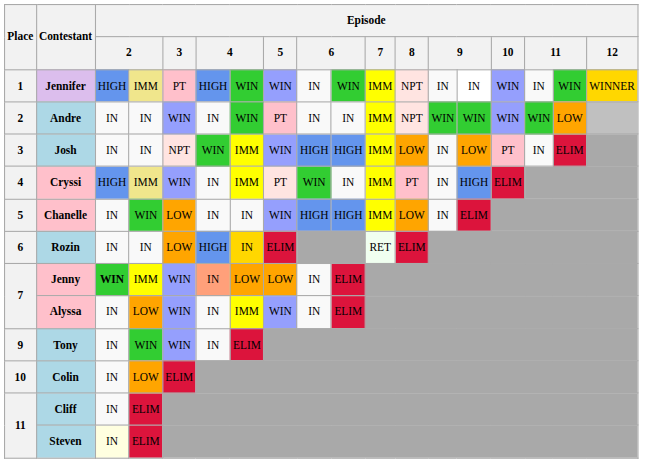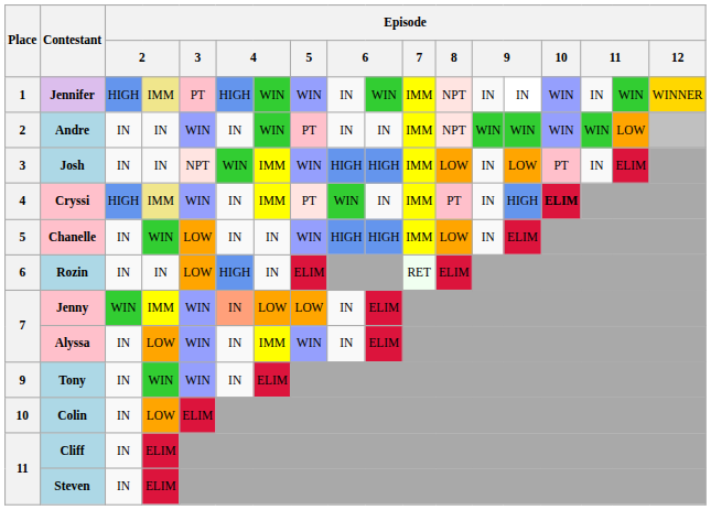 <table class="wikitable" style="text-align: center; font-size: 8pt; line-height:25px;">
 <tr>
 <th rowspan="2">Place</th>
 <th rowspan="2">Contestant</th>
 <th colspan="16">Episode</th>
 </tr>
 <tr>
 <th colspan="2">2</th>
 <th>3</th>
 <th colspan="2">4</th>
 <th>5</th>
 <th colspan="2">6</th>
 <th>7</th>
 <th>8</th>
 <th colspan="2">9</th>
 <th>10</th>
 <th colspan="2">11</th>
 <th>12</th>
 </tr>
 <tr>
 <th>1</th>
 <th style="background:#dcbeed">Jennifer</th>
 <td style="background:cornflowerblue;">HIGH</td>
 <td style="background:khaki;">IMM</td>
 <td style="background:pink;">PT</td>
 <td style="background:cornflowerblue;">HIGH</td>
 <td style="background:limegreen;">WIN</td>
 <td style="background:#959FFD;">WIN</td>
 <td>IN</td>
 <td style="background:limegreen;">WIN</td>
 <td style="background:yellow;">IMM</td>
 <td style="background:mistyrose;">NPT</td>
 <td>IN</td>
 <td style="background:white;">IN</td>
 <td style="background:#959FFD;">WIN</td>
 <td>IN</td>
 <td style="background:limegreen;">WIN</td>
 <td style=background:gold>WINNER</td>
 </tr>
 <tr>
 <th>2</th>
 <th style="background:lightblue;">Andre</th>
 <td>IN</td>
 <td>IN</td>
 <td style="background:#959FFD;">WIN</td>
 <td>IN</td>
 <td style="background:limegreen;">WIN</td>
 <td style="background:pink;">PT</td>
 <td>IN</td>
 <td>IN</td>
 <td style="background:yellow;">IMM</td>
 <td style="background:mistyrose;">NPT</td>
 <td style="background:limegreen;">WIN</td>
 <td style="background:limegreen;">WIN</td>
 <td style="background:#959FFD;">WIN</td>
 <td style="background:limegreen;">WIN</td>
 <td style="background:orange;">LOW</td>
 <td style="background:silver;"></td>
 </tr>
 <tr>
 <th>3</th>
 <th style="background:lightblue;">Josh</th>
 <td>IN</td>
 <td>IN</td>
 <td style="background:mistyrose;">NPT</td>
 <td style="background:limegreen;">WIN</td>
 <td style="background:yellow;">IMM</td>
 <td style="background:#959FFD;">WIN</td>
 <td style="background:cornflowerblue;">HIGH</td>
 <td style="background:cornflowerblue;">HIGH</td>
 <td style="background:yellow;">IMM</td>
 <td style="background:orange;">LOW</td>
 <td>IN</td>
 <td style="background:orange;">LOW</td>
 <td style="background:pink;">PT</td>
 <td>IN</td>
 <td style="background:crimson;">ELIM</td>
 <td style="background:darkgrey;"></td>
 </tr>
 <tr>
 <th>4</th>
 <th style="background:pink;">Cryssi</th>
 <td style="background:cornflowerblue;">HIGH</td>
 <td style="background:khaki;">IMM</td>
 <td style="background:#959FFD;">WIN</td>
 <td>IN</td>
 <td style="background: yellow;">IMM</td>
 <td style="background:mistyrose;">PT</td>
 <td style="background:limegreen;">WIN</td>
 <td>IN</td>
 <td style="background:yellow;">IMM</td>
 <td style="background:pink;">PT</td>
 <td>IN</td>
 <td style="background:cornflowerblue;">HIGH</td>
-<td style="background:crimson;">ELIM</td>
+<td style="background:crimson;"><strong>ELIM</strong></td>
 <td colspan="3" style="background:darkgrey;"></td>
 </tr>
 <tr>
 <th>5</th>
 <th style="background:pink;">Chanelle</th>
 <td>IN</td>
 <td style="background:limegreen;">WIN</td>
 <td style="background:orange;">LOW</td>
 <td>IN</td>
 <td>IN</td>
 <td style="background:#959FFD;">WIN</td>
 <td style="background:cornflowerblue;">HIGH</td>
 <td style="background:cornflowerblue;">HIGH</td>
 <td style="background:yellow;">IMM</td>
 <td style="background:orange;">LOW</td>
 <td>IN</td>
 <td style="background:crimson;">ELIM</td>
 <td colspan="4" style="background:darkgrey;"></td>
 </tr>
 <tr>
 <th>6</th>
 <th style="background:lightblue;">Rozin</th>
 <td>IN</td>
 <td>IN</td>
 <td style="background:orange;">LOW</td>
 <td style="background:cornflowerblue;">HIGH</td>
-<td style="background: gold;">IN</td>
+<td>IN</td>
 <td style="background:crimson;">ELIM</td>
 <td style="background:darkgrey;" colspan="2"></td>
 <td style="background:honeydew;">RET</td>
 <td style="background:crimson;">ELIM</td>
 <td colspan="6" style="background:darkgrey;"></td>
 </tr>
 <tr>
 <th rowspan="2">7</th>
 <th style="background:pink;">Jenny</th>
-<td style="background:limegreen;"><strong>WIN</strong></td>
+<td style="background:limegreen;">WIN</td>
 <td style="background:yellow;">IMM</td>
 <td style="background:#959FFD;">WIN</td>
 <td style="background: lightsalmon;">IN</td>
 <td style="background:orange;">LOW</td>
 <td style="background:orange;">LOW</td>
 <td>IN</td>
 <td style="background:crimson;">ELIM</td>
 <td colspan="8" style="background:darkgrey;"></td>
 </tr>
 <tr>
 <th style="background:pink;">Alyssa</th>
 <td>IN</td>
 <td style="background:orange;">LOW</td>
 <td style="background:#959FFD;">WIN</td>
 <td>IN</td>
 <td style="background:yellow;">IMM</td>
 <td style="background:#959FFD;">WIN</td>
 <td>IN</td>
 <td style="background:crimson;">ELIM</td>
 <td colspan="8" style="background:darkgrey;"></td>
 </tr>
 <tr>
 <th>9</th>
 <th style="background:lightblue;">Tony</th>
 <td>IN</td>
 <td style="background:limegreen;">WIN</td>
 <td style="background:#959FFD;">WIN</td>
 <td>IN</td>
 <td style="background:crimson;">ELIM</td>
 <td colspan="11" style="background:darkgrey;"></td>
 </tr>
 <tr>
 <th>10</th>
 <th style="background:lightblue;">Colin</th>
 <td>IN</td>
 <td style="background:orange;">LOW</td>
 <td style="background:crimson;">ELIM</td>
 <td colspan="13" style="background:darkgrey;"></td>
 </tr>
 <tr>
 <th rowspan="2">11</th>
 <th style="background:lightblue;">Cliff</th>
 <td>IN</td>
 <td style="background:crimson;">ELIM</td>
 <td colspan="14" style="background:darkgrey;"></td>
 </tr>
 <tr>
 <th style="background:lightblue;">Steven</th>
-<td style="background: lightyellow;">IN</td>
+<td>IN</td>
 <td style="background:crimson;">ELIM</td>
 <td colspan="14" style="background:darkgrey;"></td>
 </tr>
 </table>
